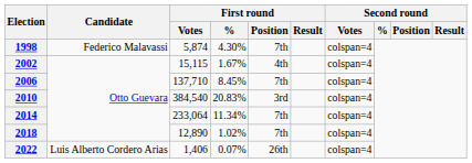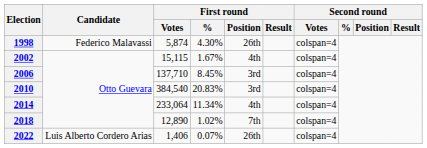 <table class=wikitable style="text-align: right;">
 <tr>
 <th rowspan=2>Election</th>
 <th rowspan=2>Candidate</th>
 <th colspan=4>First round</th>
 <th colspan=4>Second round</th>
 </tr>
 <tr>
 <th>Votes</th>
 <th>%</th>
 <th>Position</th>
 <th>Result</th>
 <th>Votes</th>
 <th>%</th>
 <th>Position</th>
 <th>Result</th>
 </tr>
 <tr>
 <th><a href='#'>1998</a></th>
 <td>Federico Malavassi</td>
 <td>5,874</td>
 <td>4.30%</td>
-<td>7th</td>
+<td> 26th</td>
 <td></td>
 <td>colspan=4 </td>
 </tr>
 <tr>
 <th><a href='#'>2002</a></th>
 <td rowspan="5"><a href='#'>Otto Guevara</a></td>
 <td>15,115</td>
 <td>1.67%</td>
 <td> 4th</td>
 <td></td>
 <td>colspan=4 </td>
 </tr>
 <tr>
 <th><a href='#'>2006</a></th>
 <td>137,710</td>
 <td>8.45%</td>
-<td>7th</td>
+<td> 3rd</td>
 <td></td>
 <td>colspan=4 </td>
 </tr>
 <tr>
 <th><a href='#'>2010</a></th>
 <td>384,540</td>
 <td>20.83%</td>
 <td>3rd</td>
 <td></td>
 <td>colspan=4 </td>
 </tr>
 <tr>
 <th><a href='#'>2014</a></th>
 <td>233,064</td>
 <td>11.34%</td>
-<td>7th</td>
+<td> 4th</td>
 <td></td>
 <td>colspan=4 </td>
 </tr>
 <tr>
 <th><a href='#'>2018</a></th>
 <td>12,890</td>
 <td>1.02%</td>
 <td> 7th</td>
 <td></td>
 <td>colspan=4 </td>
 </tr>
 <tr>
 <th><a href='#'>2022</a></th>
 <td>Luis Alberto Cordero Arias</td>
 <td>1,406</td>
 <td>0.07%</td>
 <td> 26th</td>
 <td></td>
 <td>colspan=4 </td>
 </tr>
 </table>
